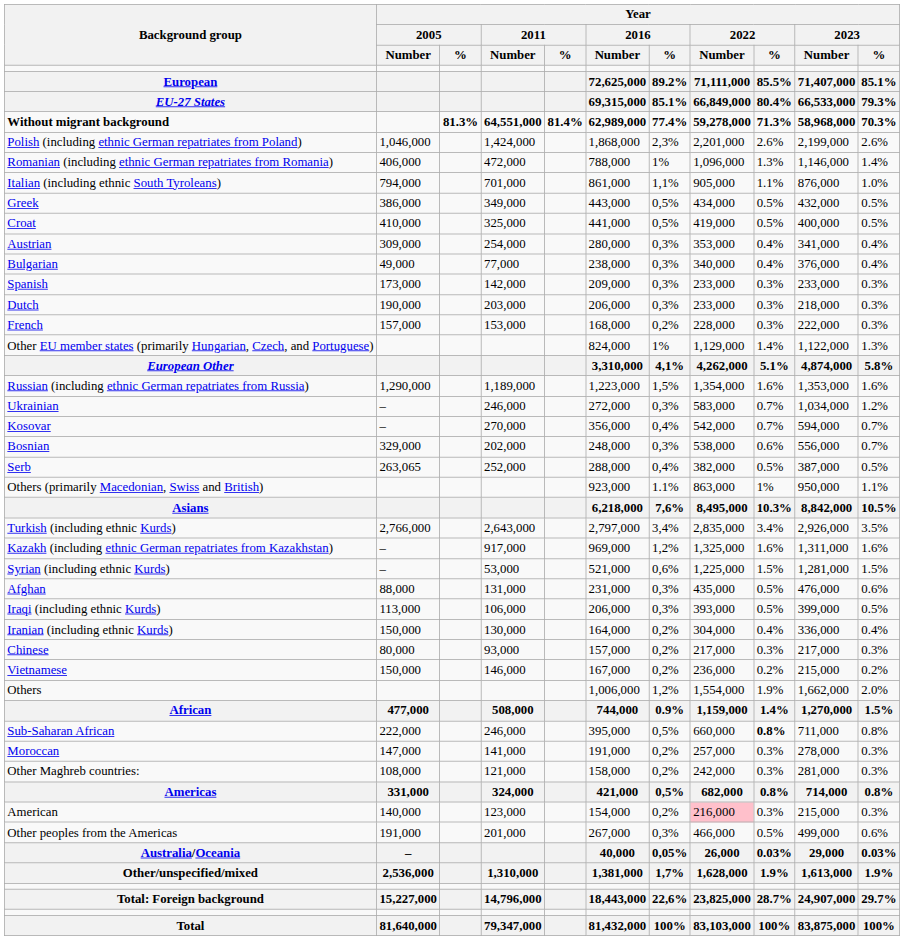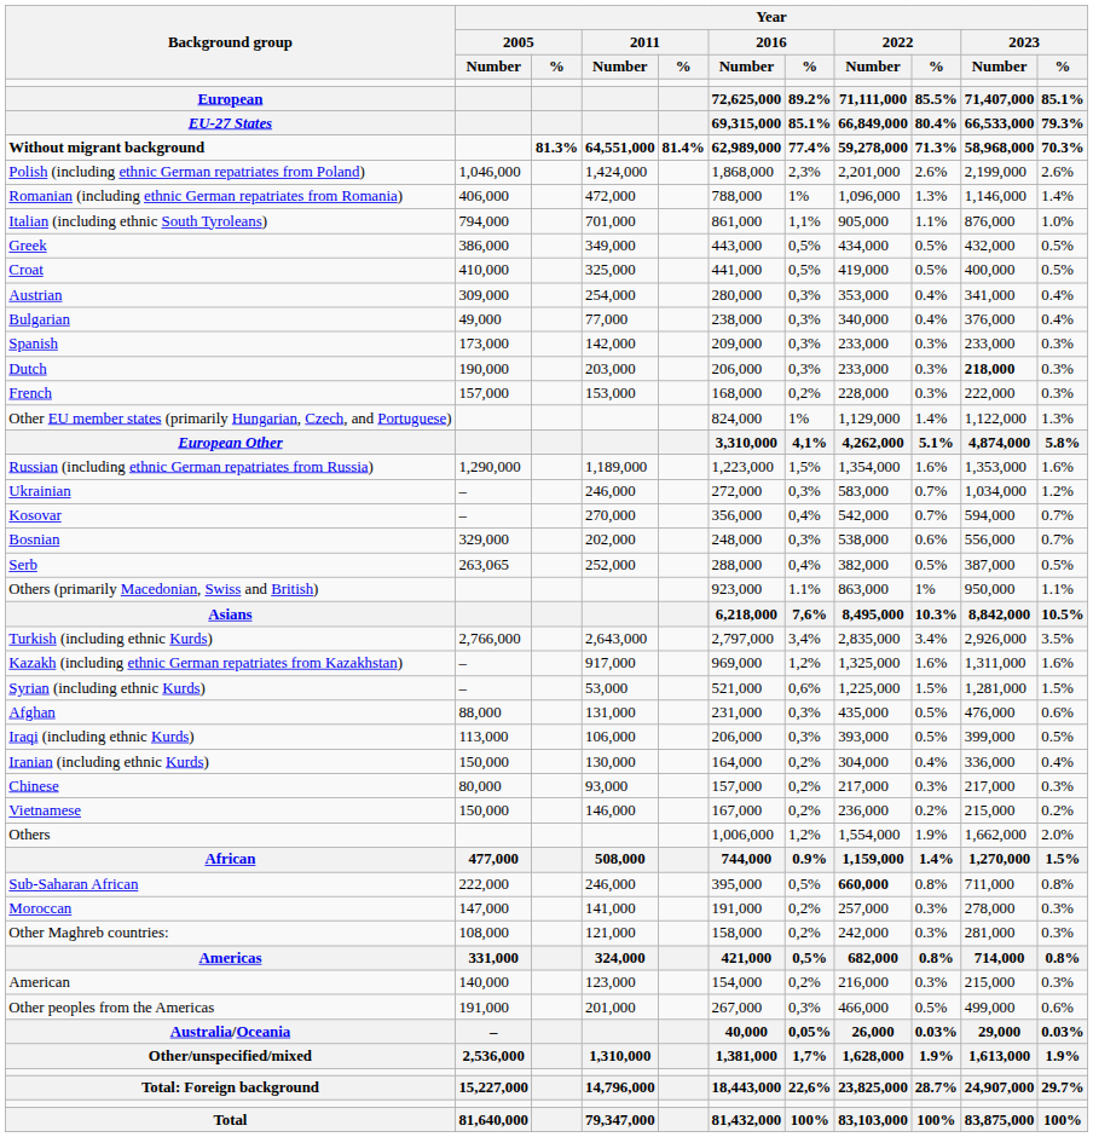 <table class="wikitable sortable">
 <tr>
 <th rowspan="3">Background group</th>
 <th colspan="10">Year</th>
 </tr>
 <tr>
 <th colspan="2">2005</th>
 <th colspan="2">2011</th>
 <th colspan="2">2016</th>
 <th colspan="2">2022</th>
 <th colspan="2">2023</th>
 </tr>
 <tr>
 <th>Number</th>
 <th>%</th>
 <th>Number</th>
 <th>%</th>
 <th>Number</th>
 <th>%</th>
 <th>Number</th>
 <th>%</th>
 <th>Number</th>
 <th>%</th>
 </tr>
 <tr>
 <td></td>
 <td></td>
 <td></td>
 <td></td>
 <td></td>
 <td></td>
 <td></td>
 <td></td>
 <td></td>
 <td></td>
 </tr>
 <tr>
 <th><a href='#'>European</a></th>
 <th></th>
 <th></th>
 <th></th>
 <th></th>
 <th>72,625,000</th>
 <th>89.2%</th>
 <th>71,111,000</th>
 <th>85.5%</th>
 <th>71,407,000</th>
 <th>85.1%</th>
 </tr>
 <tr>
 <th> <em><a href='#'>EU-27 States</a></em></th>
 <th></th>
 <th></th>
 <th></th>
 <th></th>
 <th>69,315,000</th>
 <th>85.1%</th>
 <th>66,849,000</th>
 <th>80.4%</th>
 <th>66,533,000</th>
 <th>79.3%</th>
 </tr>
 <tr>
 <td><strong></strong> <strong>Without migrant background</strong></td>
 <td><strong></strong></td>
 <td><strong>81.3%</strong></td>
 <td><strong>64,551,000</strong></td>
 <td><strong>81.4%</strong></td>
 <td><strong>62,989,000</strong></td>
 <td><strong>77.4%</strong></td>
 <td><strong>59,278,000</strong></td>
 <td><strong>71.3%</strong></td>
 <td><strong>58,968,000</strong></td>
 <td><strong>70.3%</strong></td>
 </tr>
 <tr>
 <td> <a href='#'>Polish</a> (including <a href='#'>ethnic German repatriates from Poland</a>)</td>
 <td>1,046,000</td>
 <td></td>
 <td>1,424,000</td>
 <td></td>
 <td>1,868,000</td>
 <td>2,3%</td>
 <td>2,201,000</td>
 <td>2.6%</td>
 <td>2,199,000</td>
 <td>2.6%</td>
 </tr>
 <tr>
 <td> <a href='#'>Romanian</a> (including <a href='#'>ethnic German repatriates from Romania</a>)</td>
 <td>406,000</td>
 <td></td>
 <td>472,000</td>
 <td></td>
 <td>788,000</td>
 <td>1%</td>
 <td>1,096,000</td>
 <td>1.3%</td>
 <td>1,146,000</td>
 <td>1.4%</td>
 </tr>
 <tr>
 <td> <a href='#'>Italian</a> (including ethnic <a href='#'>South Tyroleans</a>)</td>
 <td>794,000</td>
 <td></td>
 <td>701,000</td>
 <td></td>
 <td>861,000</td>
 <td>1,1%</td>
 <td>905,000</td>
 <td>1.1%</td>
 <td>876,000</td>
 <td>1.0%</td>
 </tr>
 <tr>
 <td> <a href='#'>Greek</a></td>
 <td>386,000</td>
 <td></td>
 <td>349,000</td>
 <td></td>
 <td>443,000</td>
 <td>0,5%</td>
 <td>434,000</td>
 <td>0.5%</td>
 <td>432,000</td>
 <td>0.5%</td>
 </tr>
 <tr>
 <td> <a href='#'>Croat</a></td>
 <td>410,000</td>
 <td></td>
 <td>325,000</td>
 <td></td>
 <td>441,000</td>
 <td>0,5%</td>
 <td>419,000</td>
 <td>0.5%</td>
 <td>400,000</td>
 <td>0.5%</td>
 </tr>
 <tr>
 <td> <a href='#'>Austrian</a></td>
 <td>309,000</td>
 <td></td>
 <td>254,000</td>
 <td></td>
 <td>280,000</td>
 <td>0,3%</td>
 <td>353,000</td>
 <td>0.4%</td>
 <td>341,000</td>
 <td>0.4%</td>
 </tr>
 <tr>
 <td> <a href='#'>Bulgarian</a></td>
 <td>49,000</td>
 <td></td>
 <td>77,000</td>
 <td></td>
 <td>238,000</td>
 <td>0,3%</td>
 <td>340,000</td>
 <td>0.4%</td>
 <td>376,000</td>
 <td>0.4%</td>
 </tr>
 <tr>
 <td> <a href='#'>Spanish</a></td>
 <td>173,000</td>
 <td></td>
 <td>142,000</td>
 <td></td>
 <td>209,000</td>
 <td>0,3%</td>
 <td>233,000</td>
 <td>0.3%</td>
 <td>233,000</td>
 <td>0.3%</td>
 </tr>
 <tr>
 <td> <a href='#'>Dutch</a></td>
 <td>190,000</td>
 <td></td>
 <td>203,000</td>
 <td></td>
 <td>206,000</td>
 <td>0,3%</td>
 <td>233,000</td>
 <td>0.3%</td>
-<td>218,000</td>
+<td><strong>218,000</strong></td>
 <td>0.3%</td>
 </tr>
 <tr>
 <td> <a href='#'>French</a></td>
 <td>157,000</td>
 <td></td>
 <td>153,000</td>
 <td></td>
 <td>168,000</td>
 <td>0,2%</td>
 <td>228,000</td>
 <td>0.3%</td>
 <td>222,000</td>
 <td>0.3%</td>
 </tr>
 <tr>
 <td>Other <a href='#'>EU member states</a> (primarily <a href='#'>Hungarian</a>,  <a href='#'>Czech</a>, and <a href='#'>Portuguese</a>)</td>
 <td></td>
 <td></td>
 <td></td>
 <td></td>
 <td>824,000</td>
 <td>1%</td>
 <td>1,129,000</td>
 <td>1.4%</td>
 <td>1,122,000</td>
 <td>1.3%</td>
 </tr>
 <tr>
 <th><em><a href='#'>European Other</a></em></th>
 <th></th>
 <th></th>
 <th></th>
 <th></th>
 <th>3,310,000</th>
 <th>4,1%</th>
 <th>4,262,000</th>
 <th>5.1%</th>
 <th>4,874,000</th>
 <th>5.8%</th>
 </tr>
 <tr>
 <td> <a href='#'>Russian</a> (including <a href='#'>ethnic German repatriates from Russia</a>)</td>
 <td>1,290,000</td>
 <td></td>
 <td>1,189,000</td>
 <td></td>
 <td>1,223,000</td>
 <td>1,5%</td>
 <td>1,354,000</td>
 <td>1.6%</td>
 <td>1,353,000</td>
 <td>1.6%</td>
 </tr>
 <tr>
 <td> <a href='#'>Ukrainian</a></td>
 <td>–</td>
 <td></td>
 <td>246,000</td>
 <td></td>
 <td>272,000</td>
 <td>0,3%</td>
 <td>583,000</td>
 <td>0.7%</td>
 <td>1,034,000</td>
 <td>1.2%</td>
 </tr>
 <tr>
 <td> <a href='#'>Kosovar</a></td>
 <td>–</td>
 <td></td>
 <td>270,000</td>
 <td></td>
 <td>356,000</td>
 <td>0,4%</td>
 <td>542,000</td>
 <td>0.7%</td>
 <td>594,000</td>
 <td>0.7%</td>
 </tr>
 <tr>
 <td> <a href='#'>Bosnian</a></td>
 <td>329,000</td>
 <td></td>
 <td>202,000</td>
 <td></td>
 <td>248,000</td>
 <td>0,3%</td>
 <td>538,000</td>
 <td>0.6%</td>
 <td>556,000</td>
 <td>0.7%</td>
 </tr>
 <tr>
 <td> <a href='#'>Serb</a></td>
 <td>263,065</td>
 <td></td>
 <td>252,000</td>
 <td></td>
 <td>288,000</td>
 <td>0,4%</td>
 <td>382,000</td>
 <td>0.5%</td>
 <td>387,000</td>
 <td>0.5%</td>
 </tr>
 <tr>
 <td>Others (primarily <a href='#'>Macedonian</a>, <a href='#'>Swiss</a> and <a href='#'>British</a>)</td>
 <td></td>
 <td></td>
 <td></td>
 <td></td>
 <td>923,000</td>
 <td>1.1%</td>
 <td>863,000</td>
 <td>1%</td>
 <td>950,000</td>
 <td>1.1%</td>
 </tr>
 <tr>
 <th><a href='#'>Asians</a></th>
 <th></th>
 <th></th>
 <th></th>
 <th></th>
 <th>6,218,000</th>
 <th>7,6%</th>
 <th>8,495,000</th>
 <th>10.3%</th>
 <th>8,842,000</th>
 <th>10.5%</th>
 </tr>
 <tr>
 <td> <a href='#'>Turkish</a> (including ethnic <a href='#'>Kurds</a>)</td>
 <td>2,766,000</td>
 <td></td>
 <td>2,643,000</td>
 <td></td>
 <td>2,797,000</td>
 <td>3,4%</td>
 <td>2,835,000</td>
 <td>3.4%</td>
 <td>2,926,000</td>
 <td>3.5%</td>
 </tr>
 <tr>
 <td> <a href='#'>Kazakh</a> (including <a href='#'>ethnic German repatriates from Kazakhstan</a>)</td>
 <td>–</td>
 <td></td>
 <td>917,000</td>
 <td></td>
 <td>969,000</td>
 <td>1,2%</td>
 <td>1,325,000</td>
 <td>1.6%</td>
 <td>1,311,000</td>
 <td>1.6%</td>
 </tr>
 <tr>
 <td> <a href='#'>Syrian</a> (including ethnic <a href='#'>Kurds</a>)</td>
 <td>–</td>
 <td></td>
 <td>53,000</td>
 <td></td>
 <td>521,000</td>
 <td>0,6%</td>
 <td>1,225,000</td>
 <td>1.5%</td>
 <td>1,281,000</td>
 <td>1.5%</td>
 </tr>
 <tr>
 <td> <a href='#'>Afghan</a></td>
 <td>88,000</td>
 <td></td>
 <td>131,000</td>
 <td></td>
 <td>231,000</td>
 <td>0,3%</td>
 <td>435,000</td>
 <td>0.5%</td>
 <td>476,000</td>
 <td>0.6%</td>
 </tr>
 <tr>
 <td> <a href='#'>Iraqi</a> (including ethnic <a href='#'>Kurds</a>)</td>
 <td>113,000</td>
 <td></td>
 <td>106,000</td>
 <td></td>
 <td>206,000</td>
 <td>0,3%</td>
 <td>393,000</td>
 <td>0.5%</td>
 <td>399,000</td>
 <td>0.5%</td>
 </tr>
 <tr>
 <td> <a href='#'>Iranian</a> (including ethnic <a href='#'>Kurds</a>)</td>
 <td>150,000</td>
 <td></td>
 <td>130,000</td>
 <td></td>
 <td>164,000</td>
 <td>0,2%</td>
 <td>304,000</td>
 <td>0.4%</td>
 <td>336,000</td>
 <td>0.4%</td>
 </tr>
 <tr>
 <td> <a href='#'>Chinese</a></td>
 <td>80,000</td>
 <td></td>
 <td>93,000</td>
 <td></td>
 <td>157,000</td>
 <td>0,2%</td>
 <td>217,000</td>
 <td>0.3%</td>
 <td>217,000</td>
 <td>0.3%</td>
 </tr>
 <tr>
 <td> <a href='#'>Vietnamese</a></td>
 <td>150,000</td>
 <td></td>
 <td>146,000</td>
 <td></td>
 <td>167,000</td>
 <td>0,2%</td>
 <td>236,000</td>
 <td>0.2%</td>
 <td>215,000</td>
 <td>0.2%</td>
 </tr>
 <tr>
 <td>Others</td>
 <td></td>
 <td></td>
 <td></td>
 <td></td>
 <td>1,006,000</td>
 <td>1,2%</td>
 <td>1,554,000</td>
 <td>1.9%</td>
 <td>1,662,000</td>
 <td>2.0%</td>
 </tr>
 <tr>
 <th><a href='#'>African</a></th>
 <th>477,000</th>
 <th></th>
 <th>508,000</th>
 <th></th>
 <th>744,000</th>
 <th>0.9%</th>
 <th>1,159,000</th>
 <th>1.4%</th>
 <th>1,270,000</th>
 <th>1.5%</th>
 </tr>
 <tr>
 <td><a href='#'>Sub-Saharan African</a></td>
 <td>222,000</td>
 <td></td>
 <td>246,000</td>
 <td></td>
 <td>395,000</td>
 <td>0,5%</td>
-<td>660,000</td>
-<td><strong>0.8%</strong></td>
+<td><strong>660,000</strong></td>
+<td>0.8%</td>
 <td>711,000</td>
 <td>0.8%</td>
 </tr>
 <tr>
 <td> <a href='#'>Moroccan</a></td>
 <td>147,000</td>
 <td></td>
 <td>141,000</td>
 <td></td>
 <td>191,000</td>
 <td>0,2%</td>
 <td>257,000</td>
 <td>0.3%</td>
 <td>278,000</td>
 <td>0.3%</td>
 </tr>
 <tr>
 <td>Other Maghreb countries:</td>
 <td>108,000</td>
 <td></td>
 <td>121,000</td>
 <td></td>
 <td>158,000</td>
 <td>0,2%</td>
 <td>242,000</td>
 <td>0.3%</td>
 <td>281,000</td>
 <td>0.3%</td>
 </tr>
 <tr>
 <th><a href='#'>Americas</a></th>
 <th>331,000</th>
 <th></th>
 <th>324,000</th>
 <th></th>
 <th>421,000</th>
 <th>0,5%</th>
 <th>682,000</th>
 <th>0.8%</th>
 <th>714,000</th>
 <th>0.8%</th>
 </tr>
 <tr>
 <td> American</td>
 <td>140,000</td>
 <td></td>
 <td>123,000</td>
 <td></td>
 <td>154,000</td>
 <td>0,2%</td>
-<td style="background: pink;">216,000</td>
+<td>216,000</td>
 <td>0.3%</td>
 <td>215,000</td>
 <td>0.3%</td>
 </tr>
 <tr>
 <td>Other peoples from the Americas</td>
 <td>191,000</td>
 <td></td>
 <td>201,000</td>
 <td></td>
 <td>267,000</td>
 <td>0,3%</td>
 <td>466,000</td>
 <td>0.5%</td>
 <td>499,000</td>
 <td>0.6%</td>
 </tr>
 <tr>
 <th><a href='#'>Australia</a>/<a href='#'>Oceania</a></th>
 <th>–</th>
 <th></th>
 <th></th>
 <th></th>
 <th>40,000</th>
 <th>0,05%</th>
 <th>26,000</th>
 <th>0.03%</th>
 <th>29,000</th>
 <th>0.03%</th>
 </tr>
 <tr>
 <th>Other/unspecified/mixed</th>
 <th>2,536,000</th>
 <th></th>
 <th>1,310,000</th>
 <th></th>
 <th>1,381,000</th>
 <th>1,7%</th>
 <th>1,628,000</th>
 <th>1.9%</th>
 <th>1,613,000</th>
 <th>1.9%</th>
 </tr>
 <tr>
 <td></td>
 <td></td>
 <td></td>
 <td></td>
 <td></td>
 <td></td>
 <td></td>
 <td></td>
 <td></td>
 <td></td>
 <td></td>
 </tr>
 <tr>
 <th>Total: Foreign background</th>
 <th>15,227,000</th>
 <th></th>
 <th>14,796,000</th>
 <th></th>
 <th>18,443,000</th>
 <th>22,6%</th>
 <th>23,825,000</th>
 <th>28.7%</th>
 <th>24,907,000</th>
 <th>29.7%</th>
 </tr>
 <tr>
 <td></td>
 <td></td>
 <td></td>
 <td></td>
 <td></td>
 <td></td>
 <td></td>
 <td></td>
 <td></td>
 <td></td>
 <td></td>
 </tr>
 <tr>
 <th>Total</th>
 <th>81,640,000</th>
 <th></th>
 <th>79,347,000</th>
 <th></th>
 <th>81,432,000</th>
 <th>100%</th>
 <th>83,103,000</th>
 <th>100%</th>
 <th>83,875,000</th>
 <th>100%</th>
 </tr>
 </table>
